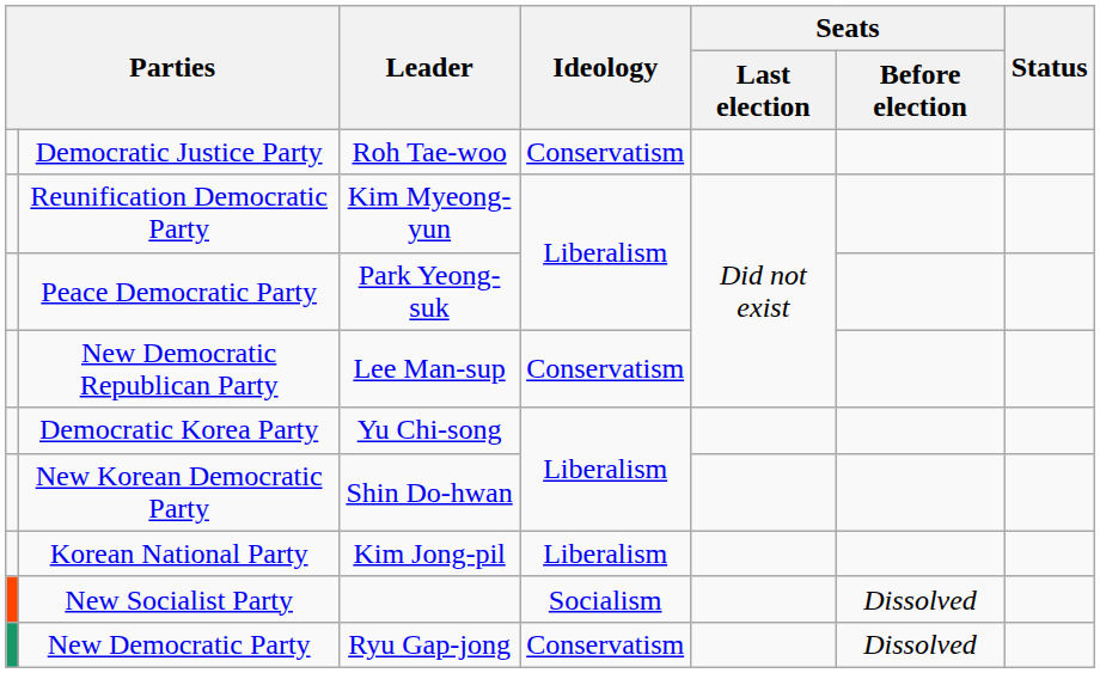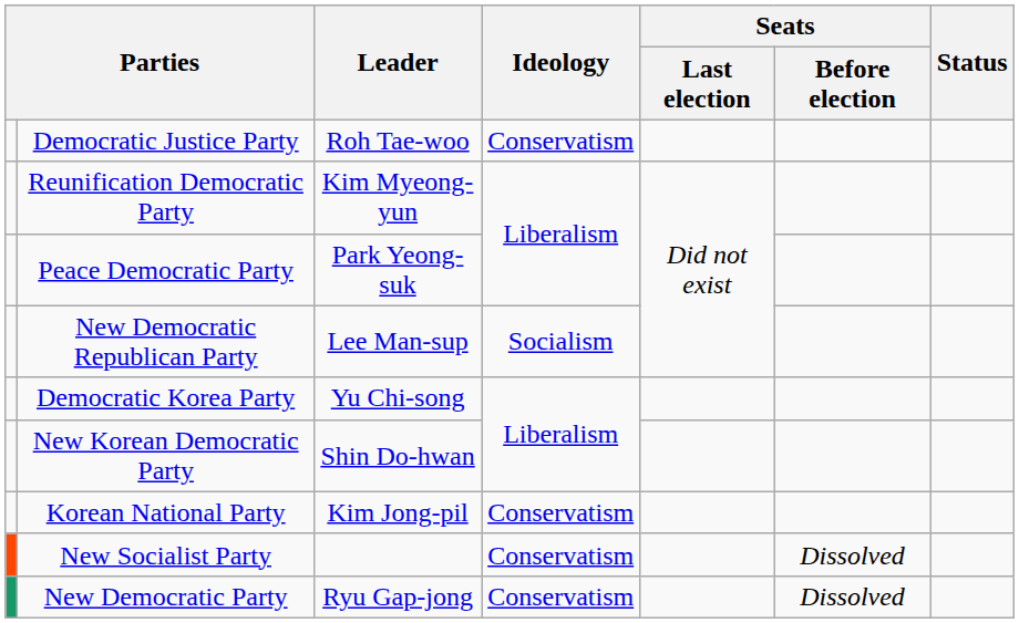 <table class="wikitable" style="text-align:center">
 <tr>
 <th colspan="2" rowspan="2">Parties</th>
 <th rowspan="2">Leader</th>
 <th rowspan="2">Ideology</th>
 <th colspan="2">Seats</th>
 <th rowspan="2">Status</th>
 </tr>
 <tr>
 <th>Last election</th>
 <th>Before election</th>
 </tr>
 <tr>
 <td style="background:"></td>
 <td><a href='#'>Democratic Justice Party</a></td>
 <td><a href='#'>Roh Tae-woo</a></td>
 <td><a href='#'>Conservatism</a></td>
 <td></td>
 <td></td>
 <td></td>
 </tr>
 <tr>
 <td style="background:"></td>
 <td><a href='#'>Reunification Democratic Party</a></td>
 <td><a href='#'>Kim Myeong-yun</a></td>
 <td rowspan="2"><a href='#'>Liberalism</a></td>
 <td rowspan="3"><em>Did not exist</em></td>
 <td></td>
 <td></td>
 </tr>
 <tr>
 <td style="background:"></td>
 <td><a href='#'>Peace Democratic Party</a></td>
 <td><a href='#'>Park Yeong-suk</a></td>
 <td></td>
 <td></td>
 </tr>
 <tr>
 <td style="background:"></td>
 <td><a href='#'>New Democratic Republican Party</a></td>
 <td><a href='#'>Lee Man-sup</a></td>
-<td><a href='#'>Conservatism</a></td>
+<td><a href='#'>Socialism</a></td>
 <td></td>
 <td></td>
 </tr>
 <tr>
 <td style="background:"></td>
 <td><a href='#'>Democratic Korea Party</a></td>
 <td><a href='#'>Yu Chi-song</a></td>
 <td rowspan="2"><a href='#'>Liberalism</a></td>
 <td></td>
 <td></td>
 <td></td>
 </tr>
 <tr>
 <td style="background:"></td>
 <td><a href='#'>New Korean Democratic Party</a></td>
 <td><a href='#'>Shin Do-hwan</a></td>
 <td></td>
 <td></td>
 <td></td>
 </tr>
 <tr>
 <td style="background:"></td>
 <td><a href='#'>Korean National Party</a></td>
 <td><a href='#'>Kim Jong-pil</a></td>
-<td><a href='#'>Liberalism</a></td>
+<td><a href='#'>Conservatism</a></td>
 <td></td>
 <td></td>
 <td></td>
 </tr>
 <tr>
 <td style="background:#FF4500"></td>
 <td><a href='#'>New Socialist Party</a></td>
 <td></td>
-<td><a href='#'>Socialism</a></td>
+<td><a href='#'>Conservatism</a></td>
 <td></td>
 <td><em>Dissolved</em></td>
 <td></td>
 </tr>
 <tr>
 <td style="background:#189868"></td>
 <td><a href='#'>New Democratic Party</a></td>
 <td><a href='#'>Ryu Gap-jong</a></td>
 <td><a href='#'>Conservatism</a></td>
 <td></td>
 <td><em>Dissolved</em></td>
 <td></td>
 </tr>
 </table>
